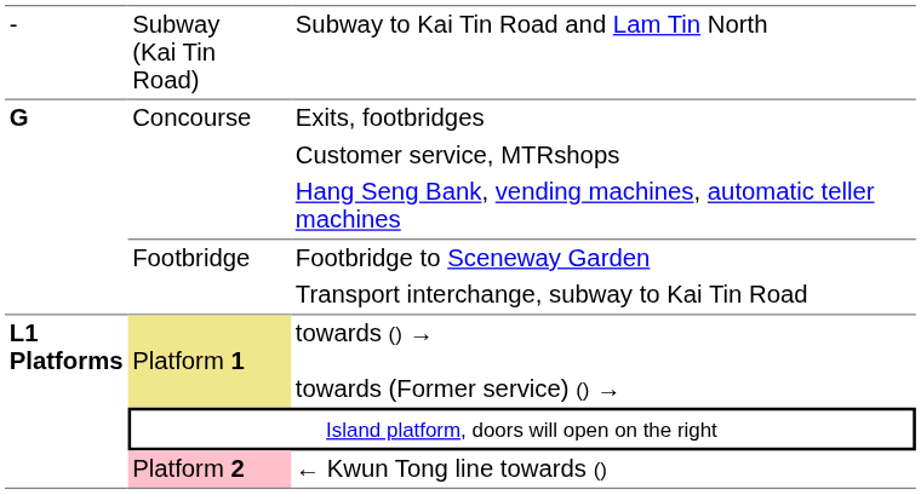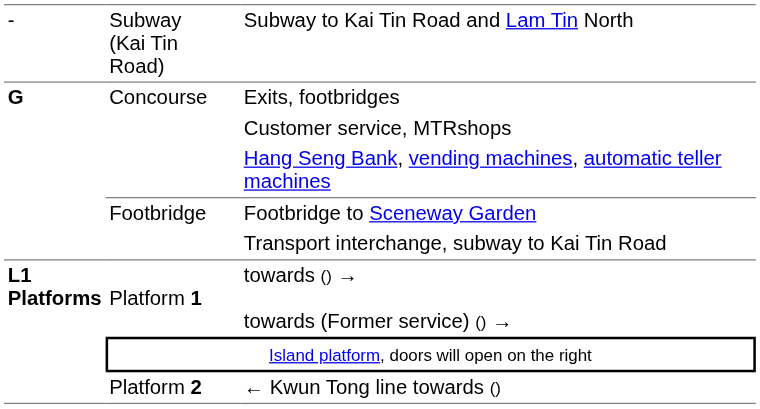 <table border=0 cellspacing=0 cellpadding=3>
 <tr>
 <td style="border-bottom:solid 1px gray;border-top:solid 1px gray;width:50px;vertical-align:top;">-</td>
 <td style="border-top:solid 1px gray;border-bottom:solid 1px gray;width:100px;vertical-align:top;">Subway<br>(Kai Tin Road)</td>
 <td style="border-top:solid 1px gray;border-bottom:solid 1px gray;width:400px;vertical-align:top;">Subway to Kai Tin Road and <a href='#'>Lam Tin</a> North</td>
 </tr>
 <tr>
 <td style="border-bottom:solid 1px gray;vertical-align:top;" rowspan=5><strong>G</strong></td>
 <td style="border-bottom:solid 1px gray;vertical-align:top;" rowspan=3>Concourse</td>
 <td>Exits, footbridges</td>
 </tr>
 <tr>
 <td>Customer service, MTRshops</td>
 </tr>
 <tr>
 <td style="border-bottom:solid 1px gray;"><a href='#'>Hang Seng Bank</a>, <a href='#'>vending machines</a>, <a href='#'>automatic teller machines</a></td>
 </tr>
 <tr>
 <td style="border-bottom:solid 1px gray;vertical-align:top;" rowspan=2>Footbridge</td>
 <td>Footbridge to <a href='#'>Sceneway Garden</a></td>
 </tr>
 <tr>
 <td style="border-bottom:solid 1px gray;">Transport interchange, subway to Kai Tin Road</td>
 </tr>
 <tr>
 <td style="border-bottom:solid 1px gray;vertical-align:top;" rowspan=3><strong>L1<br>Platforms</strong></td>
-<td style="background: khaki; border-top:solid 0px gray;">Platform <span><strong>1</strong></span></td>
+<td style="border-top:solid 0px gray;">Platform <span><strong>1</strong></span></td>
 <td style="border-top:solid 0px gray;">  towards  <small>()</small> →<br><br>  towards  (Former service) <small>()</small> →<br></td>
 </tr>
 <tr>
 <td style="border-top:solid 2px black;border-right:solid 2px black;border-left:solid 2px black;border-bottom:solid 2px black;text-align:center;" colspan=2><small><a href='#'>Island platform</a>, doors will open on the right</small></td>
 </tr>
 <tr>
-<td style="background: pink; border-bottom:solid 1px gray;">Platform <span><strong>2</strong></span></td>
+<td style="border-bottom:solid 1px gray;">Platform <span><strong>2</strong></span></td>
 <td style="border-bottom:solid 1px gray;">←  Kwun Tong line towards  <small>()</small></td>
 </tr>
 </table>
